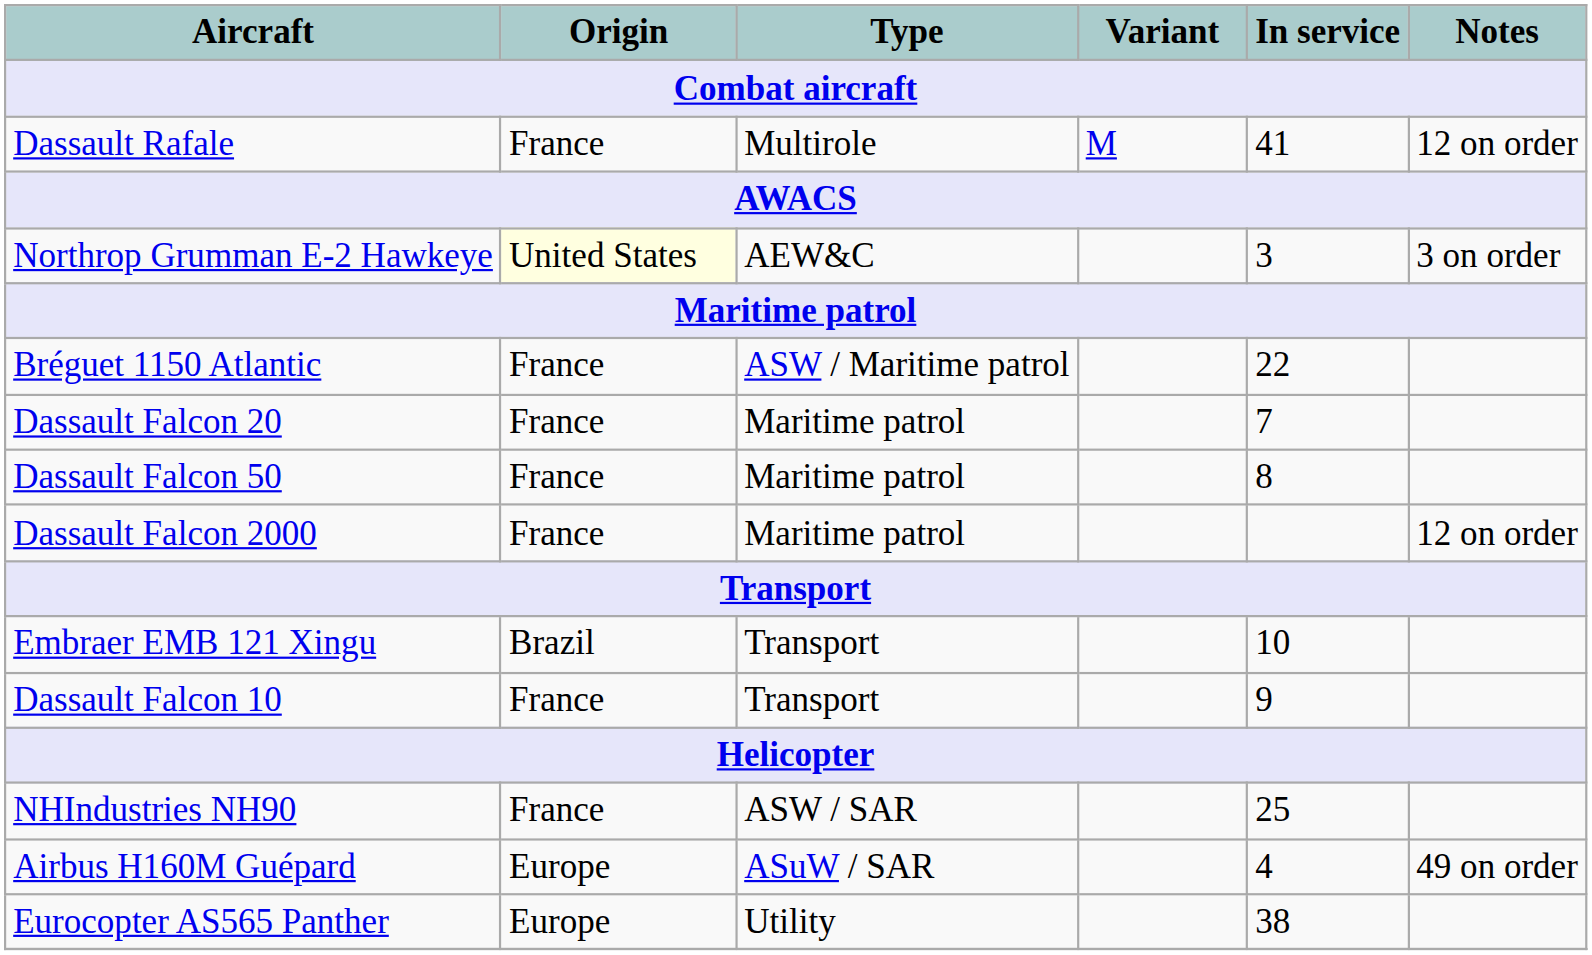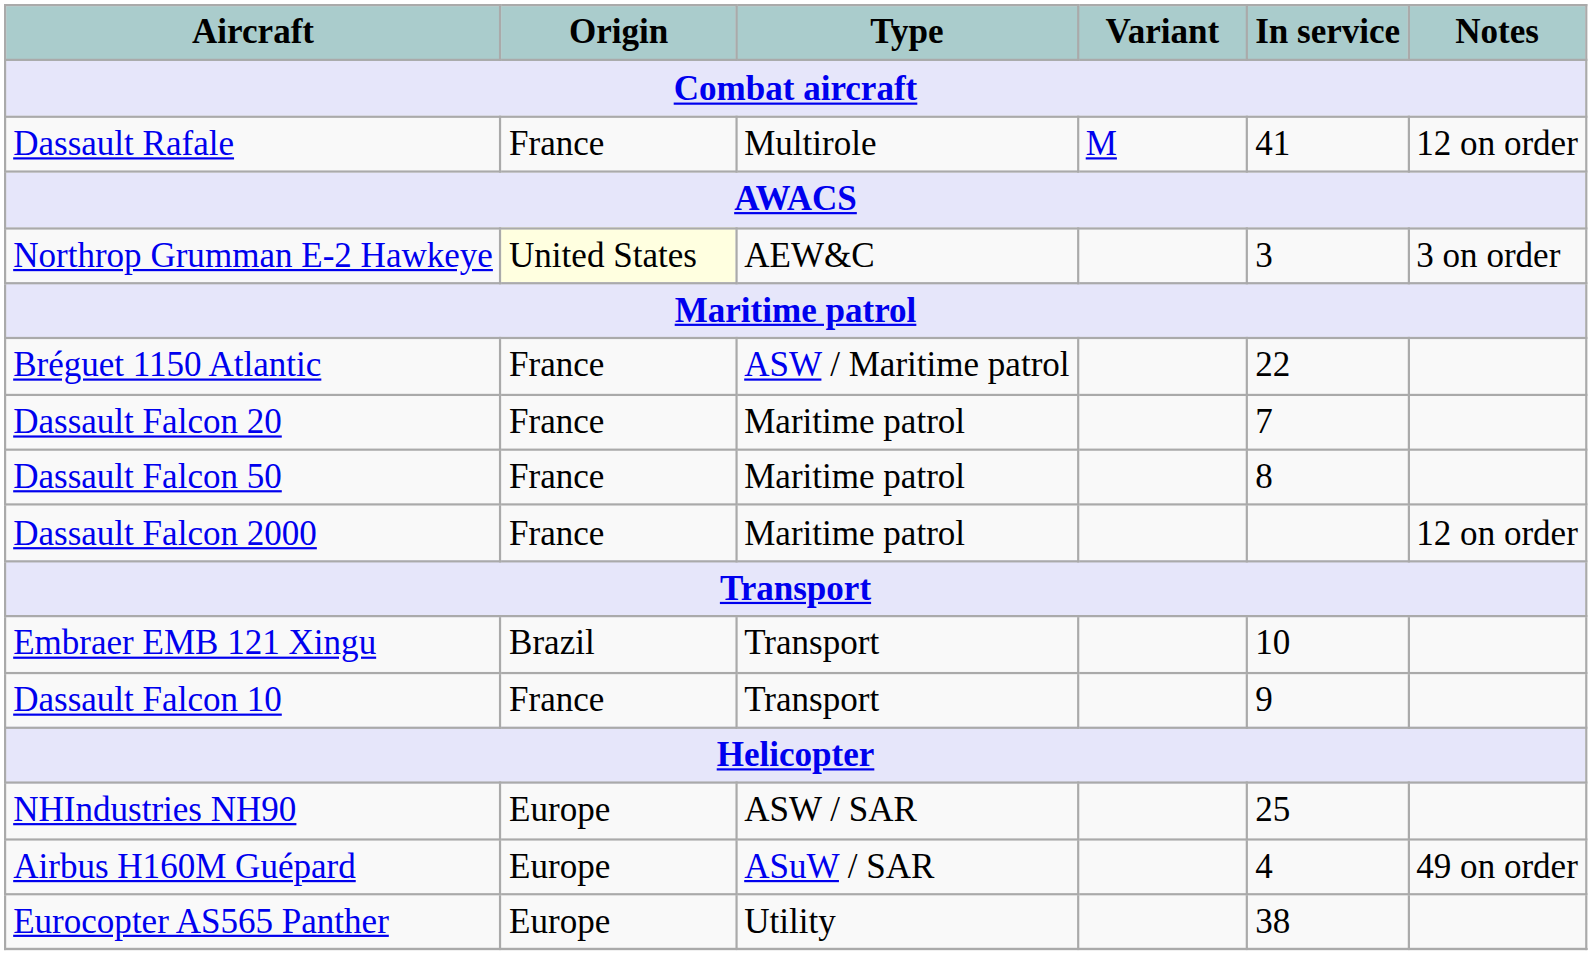 <table class="wikitable plainrowheaders">
 <tr valign=top>
 <th scope="col" style="background:#acc;">Aircraft</th>
 <th scope="col" style="background:#acc; width:100px;">Origin</th>
 <th scope="col" style="background:#acc;">Type</th>
 <th scope="col" style="background:#acc; width:70px;">Variant</th>
 <th scope="col" style="background:#acc;">In service</th>
 <th scope="col" style="background:#acc;">Notes</th>
 </tr>
 <tr>
 <th style="align: center; background: lavender;" colspan="6"><a href='#'>Combat aircraft</a></th>
 </tr>
 <tr>
 <td><a href='#'>Dassault Rafale</a></td>
 <td>France</td>
 <td>Multirole</td>
 <td><a href='#'>M</a></td>
 <td>41</td>
 <td>12 on order</td>
 </tr>
 <tr>
 <th style="align: center; background: lavender;" colspan="6"><a href='#'>AWACS</a></th>
 </tr>
 <tr>
 <td><a href='#'>Northrop Grumman E-2 Hawkeye</a></td>
 <td style="background: lightyellow;">United States</td>
 <td>AEW&C</td>
 <td></td>
 <td>3</td>
 <td>3 on order</td>
 </tr>
 <tr>
 <th style="align: center; background: lavender;" colspan="6"><a href='#'>Maritime patrol</a></th>
 </tr>
 <tr>
 <td><a href='#'>Bréguet 1150 Atlantic</a></td>
 <td>France</td>
 <td><a href='#'>ASW</a> / Maritime patrol</td>
 <td></td>
 <td>22</td>
 <td></td>
 </tr>
 <tr>
 <td><a href='#'>Dassault Falcon 20</a></td>
 <td>France</td>
 <td>Maritime patrol</td>
 <td></td>
 <td>7</td>
 <td></td>
 </tr>
 <tr>
 <td><a href='#'>Dassault Falcon 50</a></td>
 <td>France</td>
 <td>Maritime patrol</td>
 <td></td>
 <td>8</td>
 <td></td>
 </tr>
 <tr>
 <td><a href='#'>Dassault Falcon 2000</a></td>
 <td>France</td>
 <td>Maritime patrol</td>
 <td></td>
 <td></td>
 <td>12 on order</td>
 </tr>
 <tr>
 <th style="align: center; background: lavender;" colspan="6"><a href='#'>Transport</a></th>
 </tr>
 <tr>
 <td><a href='#'>Embraer EMB 121 Xingu</a></td>
 <td>Brazil</td>
 <td>Transport</td>
 <td></td>
 <td>10</td>
 <td></td>
 </tr>
 <tr>
 <td><a href='#'>Dassault Falcon 10</a></td>
 <td>France</td>
 <td>Transport</td>
 <td></td>
 <td>9</td>
 <td></td>
 </tr>
 <tr>
 <th style="align: center; background: lavender;" colspan="6"><a href='#'>Helicopter</a></th>
 </tr>
 <tr>
 <td><a href='#'>NHIndustries NH90</a></td>
-<td>France</td>
+<td>Europe</td>
 <td>ASW / SAR</td>
 <td></td>
 <td>25</td>
 <td></td>
 </tr>
 <tr>
 <td><a href='#'>Airbus H160M Guépard</a></td>
 <td>Europe</td>
 <td><a href='#'>ASuW</a> / SAR</td>
 <td></td>
 <td>4</td>
 <td>49 on order</td>
 </tr>
 <tr>
 <td><a href='#'>Eurocopter AS565 Panther</a></td>
 <td>Europe</td>
 <td>Utility</td>
 <td></td>
 <td>38</td>
 <td></td>
 </tr>
 <tr>
 </tr>
 </table>
